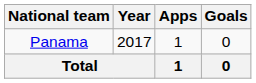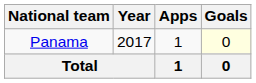 <table class="wikitable" style="text-align:center">
 <tr>
 <th>National team</th>
 <th>Year</th>
 <th>Apps</th>
 <th>Goals</th>
 </tr>
 <tr>
 <td><a href='#'>Panama</a></td>
 <td>2017</td>
 <td>1</td>
-<td>0</td>
+<td style="background: lightyellow;">0</td>
 </tr>
 <tr>
 <th colspan=2>Total</th>
 <th>1</th>
 <th>0</th>
 </tr>
 </table>
